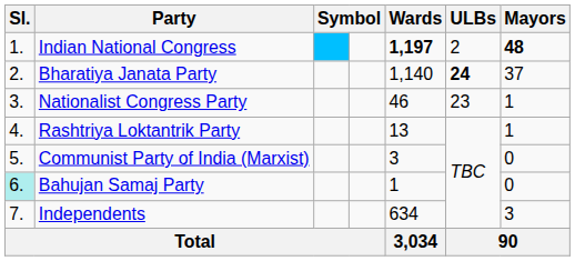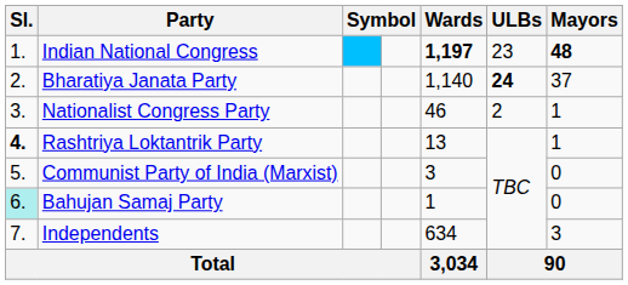 <table class="wikitable sortable">
 <tr>
 <th><strong>Sl.</strong></th>
 <th><strong>Party</strong></th>
 <th colspan="2"><strong>Symbol</strong></th>
 <th>Wards</th>
 <th>ULBs</th>
 <th>Mayors</th>
 </tr>
 <tr>
 <td>1.</td>
 <td><a href='#'>Indian National Congress</a></td>
 <td bgcolor="#00BFFF"></td>
 <td></td>
 <td><strong>1,197</strong></td>
-<td>2</td>
+<td>23</td>
 <td><strong>48</strong></td>
 </tr>
 <tr>
 <td>2.</td>
 <td><a href='#'>Bharatiya Janata Party</a></td>
 <td></td>
 <td></td>
 <td>1,140</td>
 <td><strong>24</strong></td>
 <td>37</td>
 </tr>
 <tr>
 <td>3.</td>
 <td><a href='#'>Nationalist Congress Party</a></td>
 <td></td>
 <td></td>
 <td>46</td>
-<td>23</td>
+<td>2</td>
 <td>1</td>
 </tr>
 <tr>
-<td>4.</td>
+<td><strong>4.</strong></td>
 <td><a href='#'>Rashtriya Loktantrik Party</a></td>
 <td></td>
 <td></td>
 <td>13</td>
 <td rowspan="4"><em>TBC</em></td>
 <td>1</td>
 </tr>
 <tr>
 <td>5.</td>
 <td><a href='#'>Communist Party of India (Marxist)</a></td>
 <td></td>
 <td></td>
 <td>3</td>
 <td>0</td>
 </tr>
 <tr>
 <td style="background: paleturquoise;">6.</td>
 <td><a href='#'>Bahujan Samaj Party</a></td>
 <td></td>
 <td></td>
 <td>1</td>
 <td>0</td>
 </tr>
 <tr>
 <td>7.</td>
 <td><a href='#'>Independents</a></td>
 <td></td>
 <td></td>
 <td>634</td>
 <td>3</td>
 </tr>
 <tr>
 <th colspan="4" align="center"><strong>Total</strong></th>
 <th>3,034</th>
 <th colspan="2">90</th>
 </tr>
 </table>
